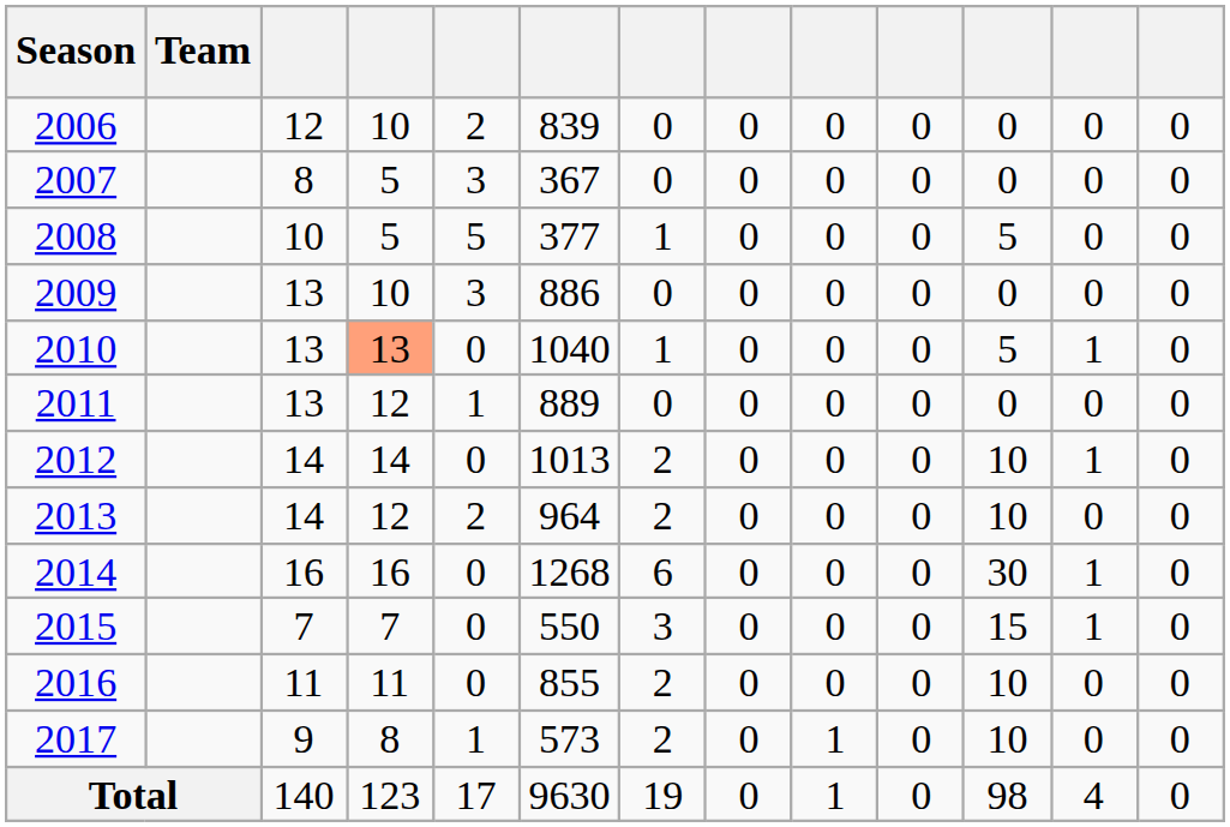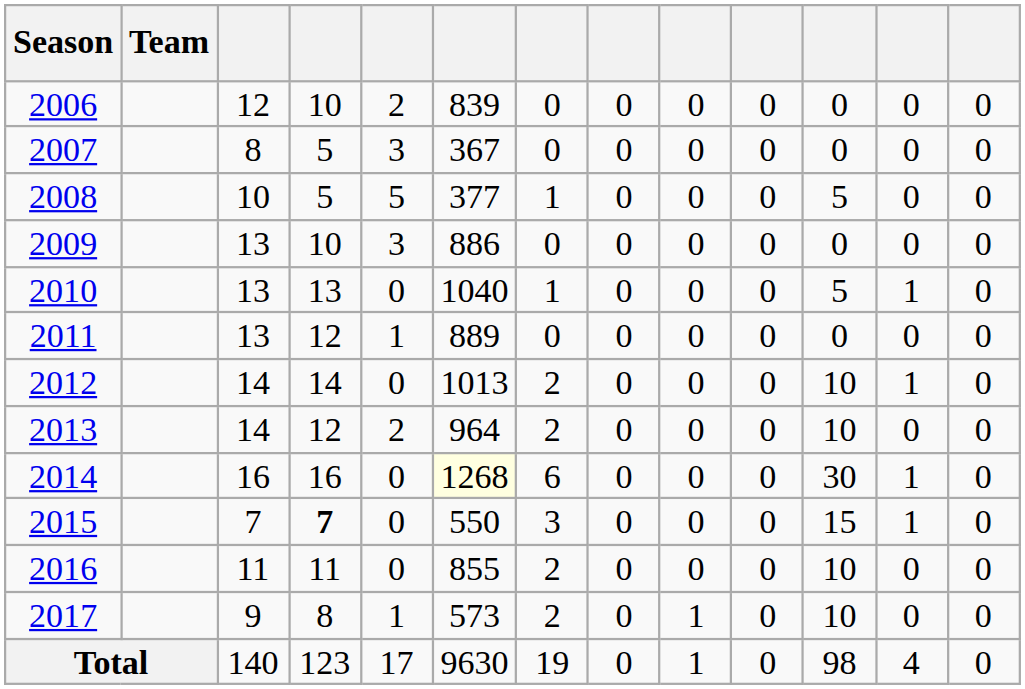 <table class="wikitable" style="text-align:center; line-height:90%; font-size:95%;">
 <tr style="line-height:175%;">
 <th>Season</th>
 <th>Team</th>
 <th style="width:25px;"></th>
 <th style="width:25px;"></th>
 <th style="width:25px;"></th>
 <th style="width:25px;"></th>
 <th style="width:25px;"></th>
 <th style="width:25px;"></th>
 <th style="width:25px;"></th>
 <th style="width:25px;"></th>
 <th style="width:25px;"></th>
 <th style="width:25px;"></th>
 <th style="width:25px;"></th>
 </tr>
 <tr>
 <td><a href='#'>2006</a></td>
 <td></td>
 <td>12</td>
 <td>10</td>
 <td>2</td>
 <td>839</td>
 <td>0</td>
 <td>0</td>
 <td>0</td>
 <td>0</td>
 <td>0</td>
 <td>0</td>
 <td>0</td>
 </tr>
 <tr>
 <td><a href='#'>2007</a></td>
 <td></td>
 <td>8</td>
 <td>5</td>
 <td>3</td>
 <td>367</td>
 <td>0</td>
 <td>0</td>
 <td>0</td>
 <td>0</td>
 <td>0</td>
 <td>0</td>
 <td>0</td>
 </tr>
 <tr>
 <td><a href='#'>2008</a></td>
 <td></td>
 <td>10</td>
 <td>5</td>
 <td>5</td>
 <td>377</td>
 <td>1</td>
 <td>0</td>
 <td>0</td>
 <td>0</td>
 <td>5</td>
 <td>0</td>
 <td>0</td>
 </tr>
 <tr>
 <td><a href='#'>2009</a></td>
 <td></td>
 <td>13</td>
 <td>10</td>
 <td>3</td>
 <td>886</td>
 <td>0</td>
 <td>0</td>
 <td>0</td>
 <td>0</td>
 <td>0</td>
 <td>0</td>
 <td>0</td>
 </tr>
 <tr>
 <td><a href='#'>2010</a></td>
 <td></td>
 <td>13</td>
-<td style="background: lightsalmon;">13</td>
+<td>13</td>
 <td>0</td>
 <td>1040</td>
 <td>1</td>
 <td>0</td>
 <td>0</td>
 <td>0</td>
 <td>5</td>
 <td>1</td>
 <td>0</td>
 </tr>
 <tr>
 <td><a href='#'>2011</a></td>
 <td></td>
 <td>13</td>
 <td>12</td>
 <td>1</td>
 <td>889</td>
 <td>0</td>
 <td>0</td>
 <td>0</td>
 <td>0</td>
 <td>0</td>
 <td>0</td>
 <td>0</td>
 </tr>
 <tr>
 <td><a href='#'>2012</a></td>
 <td></td>
 <td>14</td>
 <td>14</td>
 <td>0</td>
 <td>1013</td>
 <td>2</td>
 <td>0</td>
 <td>0</td>
 <td>0</td>
 <td>10</td>
 <td>1</td>
 <td>0</td>
 </tr>
 <tr>
 <td><a href='#'>2013</a></td>
 <td></td>
 <td>14</td>
 <td>12</td>
 <td>2</td>
 <td>964</td>
 <td>2</td>
 <td>0</td>
 <td>0</td>
 <td>0</td>
 <td>10</td>
 <td>0</td>
 <td>0</td>
 </tr>
 <tr>
 <td><a href='#'>2014</a></td>
 <td></td>
 <td>16</td>
 <td>16</td>
 <td>0</td>
-<td>1268</td>
+<td style="background: lightyellow;">1268</td>
 <td>6</td>
 <td>0</td>
 <td>0</td>
 <td>0</td>
 <td>30</td>
 <td>1</td>
 <td>0</td>
 </tr>
 <tr>
 <td><a href='#'>2015</a></td>
 <td></td>
 <td>7</td>
-<td>7</td>
+<td><strong>7</strong></td>
 <td>0</td>
 <td>550</td>
 <td>3</td>
 <td>0</td>
 <td>0</td>
 <td>0</td>
 <td>15</td>
 <td>1</td>
 <td>0</td>
 </tr>
 <tr>
 <td><a href='#'>2016</a></td>
 <td></td>
 <td>11</td>
 <td>11</td>
 <td>0</td>
 <td>855</td>
 <td>2</td>
 <td>0</td>
 <td>0</td>
 <td>0</td>
 <td>10</td>
 <td>0</td>
 <td>0</td>
 </tr>
 <tr>
 <td><a href='#'>2017</a></td>
 <td></td>
 <td>9</td>
 <td>8</td>
 <td>1</td>
 <td>573</td>
 <td>2</td>
 <td>0</td>
 <td>1</td>
 <td>0</td>
 <td>10</td>
 <td>0</td>
 <td>0</td>
 </tr>
 <tr>
 <th colspan="2">Total</th>
 <td>140</td>
 <td>123</td>
 <td>17</td>
 <td>9630</td>
 <td>19</td>
 <td>0</td>
 <td>1</td>
 <td>0</td>
 <td>98</td>
 <td>4</td>
 <td>0</td>
 </tr>
 </table>
